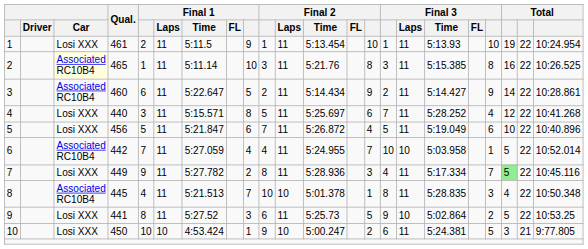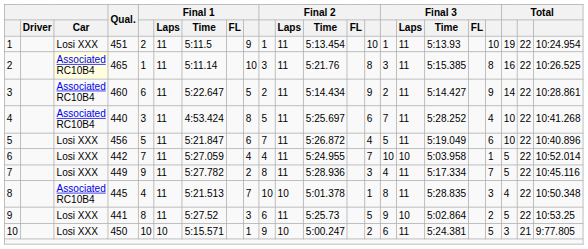 <table class="wikitable" style="font-size:85%;">
 <tr>
 <th colspan="3"></th>
 <th rowspan="2" style="text-align:center;">Qual.</th>
 <th colspan="5" style="text-align:center;">Final 1</th>
 <th colspan="5" style="text-align:center;">Final 2</th>
 <th colspan="5" style="text-align:center;">Final 3</th>
 <th colspan="3">Total</th>
 </tr>
 <tr>
 <th style="text-align:center;"></th>
 <th style="text-align:center;">Driver</th>
 <th style="text-align:center;">Car</th>
 <th style="text-align:center;"></th>
 <th style="text-align:center;">Laps</th>
 <th style="text-align:center;">Time</th>
 <th style="text-align:center;">FL</th>
 <th style="text-align:center;"></th>
 <th style="text-align:center;"></th>
 <th style="text-align:center;">Laps</th>
 <th style="text-align:center;">Time</th>
 <th style="text-align:center;">FL</th>
 <th style="text-align:center;"></th>
 <th style="text-align:center;"></th>
 <th style="text-align:center;">Laps</th>
 <th style="text-align:center;">Time</th>
 <th style="text-align:center;">FL</th>
 <th style="text-align:center;"></th>
 <th style="text-align:center;"></th>
 <th style="text-align:center;"></th>
 <th style="text-align:center;"></th>
 </tr>
 <tr>
 <td>1</td>
 <td></td>
 <td>Losi XXX</td>
-<td>461</td>
+<td>451</td>
 <td>2</td>
 <td>11</td>
 <td>5:11.5</td>
 <td></td>
 <td>9</td>
 <td>1</td>
 <td>11</td>
 <td>5:13.454</td>
 <td></td>
 <td>10</td>
 <td>1</td>
 <td>11</td>
 <td>5:13.93</td>
 <td></td>
 <td>10</td>
 <td>19</td>
 <td>22</td>
 <td>10:24.954</td>
 </tr>
 <tr>
 <td>2</td>
 <td></td>
 <td style="background: lightyellow;"><a href='#'>Associated</a><br> RC10B4</td>
 <td>465</td>
 <td>1</td>
 <td>11</td>
 <td>5:11.14</td>
 <td></td>
 <td>10</td>
 <td>3</td>
 <td>11</td>
 <td>5:21.76</td>
 <td></td>
 <td>8</td>
 <td>3</td>
 <td>11</td>
 <td>5:15.385</td>
 <td></td>
 <td>8</td>
 <td>16</td>
 <td>22</td>
 <td>10:26.525</td>
 </tr>
 <tr>
 <td>3</td>
 <td></td>
 <td><a href='#'>Associated</a><br> RC10B4</td>
 <td>460</td>
 <td>6</td>
 <td>11</td>
 <td>5:22.647</td>
 <td></td>
 <td>5</td>
 <td>2</td>
 <td>11</td>
 <td>5:14.434</td>
 <td></td>
 <td>9</td>
 <td>2</td>
 <td>11</td>
 <td>5:14.427</td>
 <td></td>
 <td>9</td>
 <td>14</td>
 <td>22</td>
 <td>10:28.861</td>
 </tr>
 <tr>
 <td>4</td>
 <td></td>
-<td>Losi XXX</td>
+<td><a href='#'>Associated</a><br> RC10B4</td>
 <td>440</td>
 <td>3</td>
 <td>11</td>
-<td>5:15.571</td>
+<td>4:53.424</td>
 <td></td>
 <td>8</td>
 <td>5</td>
 <td>11</td>
 <td>5:25.697</td>
 <td></td>
 <td>6</td>
 <td>7</td>
 <td>11</td>
 <td>5:28.252</td>
 <td></td>
 <td>4</td>
-<td>12</td>
+<td>10</td>
 <td>22</td>
 <td>10:41.268</td>
 </tr>
 <tr>
 <td>5</td>
 <td></td>
 <td>Losi XXX</td>
 <td>456</td>
 <td>5</td>
 <td>11</td>
 <td>5:21.847</td>
 <td></td>
 <td>6</td>
 <td>7</td>
 <td>11</td>
 <td>5:26.872</td>
 <td></td>
 <td>4</td>
 <td>5</td>
 <td>11</td>
 <td>5:19.049</td>
 <td></td>
 <td>6</td>
 <td>10</td>
 <td>22</td>
 <td>10:40.896</td>
 </tr>
 <tr>
 <td>6</td>
 <td></td>
-<td><a href='#'>Associated</a><br> RC10B4</td>
+<td>Losi XXX</td>
 <td>442</td>
 <td>7</td>
 <td>11</td>
 <td>5:27.059</td>
 <td></td>
 <td>4</td>
 <td>4</td>
 <td>11</td>
 <td>5:24.955</td>
 <td></td>
 <td>7</td>
 <td>10</td>
 <td>10</td>
 <td>5:03.958</td>
 <td></td>
 <td>1</td>
 <td>5</td>
 <td>22</td>
 <td>10:52.014</td>
 </tr>
 <tr>
 <td>7</td>
 <td></td>
 <td>Losi XXX</td>
 <td>449</td>
 <td>9</td>
 <td>11</td>
 <td>5:27.782</td>
 <td></td>
 <td>2</td>
 <td>8</td>
 <td>11</td>
 <td>5:28.936</td>
 <td></td>
 <td>3</td>
 <td>4</td>
 <td>11</td>
 <td>5:17.334</td>
 <td></td>
 <td>7</td>
-<td style="background: lightgreen;">5</td>
+<td>5</td>
 <td>22</td>
 <td>10:45.116</td>
 </tr>
 <tr>
 <td>8</td>
 <td></td>
 <td><a href='#'>Associated</a><br> RC10B4</td>
 <td>445</td>
 <td>4</td>
 <td>11</td>
 <td>5:21.513</td>
 <td></td>
 <td>7</td>
 <td>10</td>
 <td>10</td>
 <td>5:01.378</td>
 <td></td>
 <td>1</td>
 <td>8</td>
 <td>11</td>
 <td>5:28.835</td>
 <td></td>
 <td>3</td>
 <td>4</td>
 <td>22</td>
 <td>10:50.348</td>
 </tr>
 <tr>
 <td>9</td>
 <td></td>
 <td>Losi XXX</td>
 <td>441</td>
 <td>8</td>
 <td>11</td>
 <td>5:27.52</td>
 <td></td>
 <td>3</td>
 <td>6</td>
 <td>11</td>
 <td>5:25.73</td>
 <td></td>
 <td>5</td>
 <td>9</td>
 <td>10</td>
 <td>5:02.864</td>
 <td></td>
 <td>2</td>
 <td>5</td>
 <td>22</td>
 <td>10:53.25</td>
 </tr>
 <tr>
 <td>10</td>
 <td></td>
 <td>Losi XXX</td>
 <td>450</td>
 <td>10</td>
 <td>10</td>
-<td>4:53.424</td>
+<td>5:15.571</td>
 <td></td>
 <td>1</td>
 <td>9</td>
 <td>10</td>
 <td>5:00.247</td>
 <td></td>
 <td>2</td>
 <td>6</td>
 <td>11</td>
 <td>5:24.381</td>
 <td></td>
 <td>5</td>
 <td>3</td>
 <td>21</td>
 <td>9:77.805</td>
 </tr>
 <tr>
 <td colspan="22"></td>
 </tr>
 </table>
